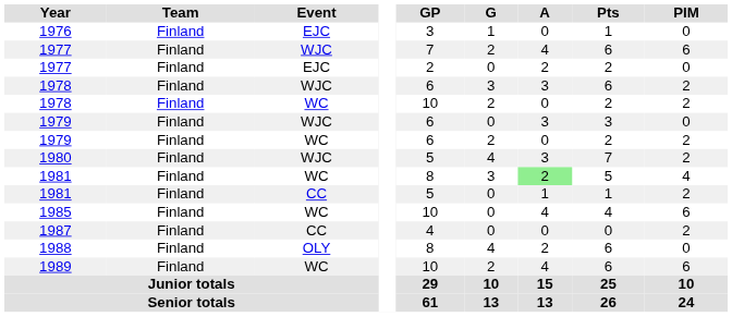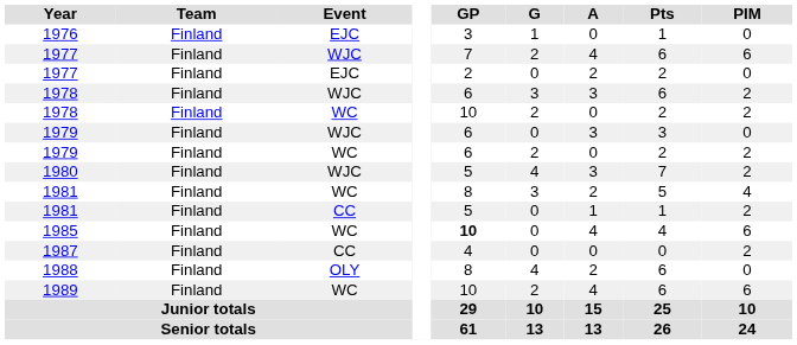 <table border="0" cellpadding="1" cellspacing="0" style="text-align:center; width:50em">
 <tr ALIGN="center" bgcolor="#e0e0e0">
 <th>Year</th>
 <th>Team</th>
 <th>Event</th>
 <th rowspan="99" bgcolor="#ffffff"> </th>
 <th>GP</th>
 <th>G</th>
 <th>A</th>
 <th>Pts</th>
 <th>PIM</th>
 </tr>
 <tr>
 <td><a href='#'>1976</a></td>
 <td><a href='#'>Finland</a></td>
 <td><a href='#'>EJC</a></td>
 <td>3</td>
 <td>1</td>
 <td>0</td>
 <td>1</td>
 <td>0</td>
 </tr>
 <tr bgcolor="#f0f0f0">
 <td><a href='#'>1977</a></td>
 <td>Finland</td>
 <td><a href='#'>WJC</a></td>
 <td>7</td>
 <td>2</td>
 <td>4</td>
 <td>6</td>
 <td>6</td>
 </tr>
 <tr>
 <td><a href='#'>1977</a></td>
 <td>Finland</td>
 <td>EJC</td>
 <td>2</td>
 <td>0</td>
 <td>2</td>
 <td>2</td>
 <td>0</td>
 </tr>
 <tr bgcolor="#f0f0f0">
 <td><a href='#'>1978</a></td>
 <td>Finland</td>
 <td>WJC</td>
 <td>6</td>
 <td>3</td>
 <td>3</td>
 <td>6</td>
 <td>2</td>
 </tr>
 <tr>
 <td><a href='#'>1978</a></td>
 <td><a href='#'>Finland</a></td>
 <td><a href='#'>WC</a></td>
 <td>10</td>
 <td>2</td>
 <td>0</td>
 <td>2</td>
 <td>2</td>
 </tr>
 <tr bgcolor="#f0f0f0">
 <td><a href='#'>1979</a></td>
 <td>Finland</td>
 <td>WJC</td>
 <td>6</td>
 <td>0</td>
 <td>3</td>
 <td>3</td>
 <td>0</td>
 </tr>
 <tr>
 <td><a href='#'>1979</a></td>
 <td>Finland</td>
 <td>WC</td>
 <td>6</td>
 <td>2</td>
 <td>0</td>
 <td>2</td>
 <td>2</td>
 </tr>
 <tr bgcolor="#f0f0f0">
 <td><a href='#'>1980</a></td>
 <td>Finland</td>
 <td>WJC</td>
 <td>5</td>
 <td>4</td>
 <td>3</td>
 <td>7</td>
 <td>2</td>
 </tr>
 <tr>
 <td><a href='#'>1981</a></td>
 <td>Finland</td>
 <td>WC</td>
 <td>8</td>
 <td>3</td>
-<td style="background: lightgreen;">2</td>
+<td>2</td>
 <td>5</td>
 <td>4</td>
 </tr>
 <tr bgcolor="#f0f0f0">
 <td><a href='#'>1981</a></td>
 <td>Finland</td>
 <td><a href='#'>CC</a></td>
 <td>5</td>
 <td>0</td>
 <td>1</td>
 <td>1</td>
 <td>2</td>
 </tr>
 <tr>
 <td><a href='#'>1985</a></td>
 <td>Finland</td>
 <td>WC</td>
-<td>10</td>
+<td><strong>10</strong></td>
 <td>0</td>
 <td>4</td>
 <td>4</td>
 <td>6</td>
 </tr>
 <tr bgcolor="#f0f0f0">
 <td><a href='#'>1987</a></td>
 <td>Finland</td>
 <td>CC</td>
 <td>4</td>
 <td>0</td>
 <td>0</td>
 <td>0</td>
 <td>2</td>
 </tr>
 <tr>
 <td><a href='#'>1988</a></td>
 <td>Finland</td>
 <td><a href='#'>OLY</a></td>
 <td>8</td>
 <td>4</td>
 <td>2</td>
 <td>6</td>
 <td>0</td>
 </tr>
 <tr bgcolor="#f0f0f0">
 <td><a href='#'>1989</a></td>
 <td>Finland</td>
 <td>WC</td>
 <td>10</td>
 <td>2</td>
 <td>4</td>
 <td>6</td>
 <td>6</td>
 </tr>
 <tr bgcolor="#e0e0e0">
 <th colspan=3>Junior totals</th>
 <th>29</th>
 <th>10</th>
 <th>15</th>
 <th>25</th>
 <th>10</th>
 </tr>
 <tr bgcolor="#e0e0e0">
 <th colspan=3>Senior totals</th>
 <th>61</th>
 <th>13</th>
 <th>13</th>
 <th>26</th>
 <th>24</th>
 </tr>
 </table>
